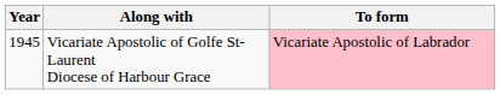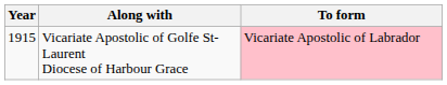 <table class="wikitable">
 <tr>
 <th>Year</th>
 <th width="225">Along with</th>
 <th width="225">To form</th>
 </tr>
 <tr valign="top">
-<td>1945</td>
+<td>1915</td>
 <td>Vicariate Apostolic of Golfe St-Laurent <br>Diocese of Harbour Grace</td>
 <td style="background: pink;">Vicariate Apostolic of Labrador</td>
 </tr>
 </table>
